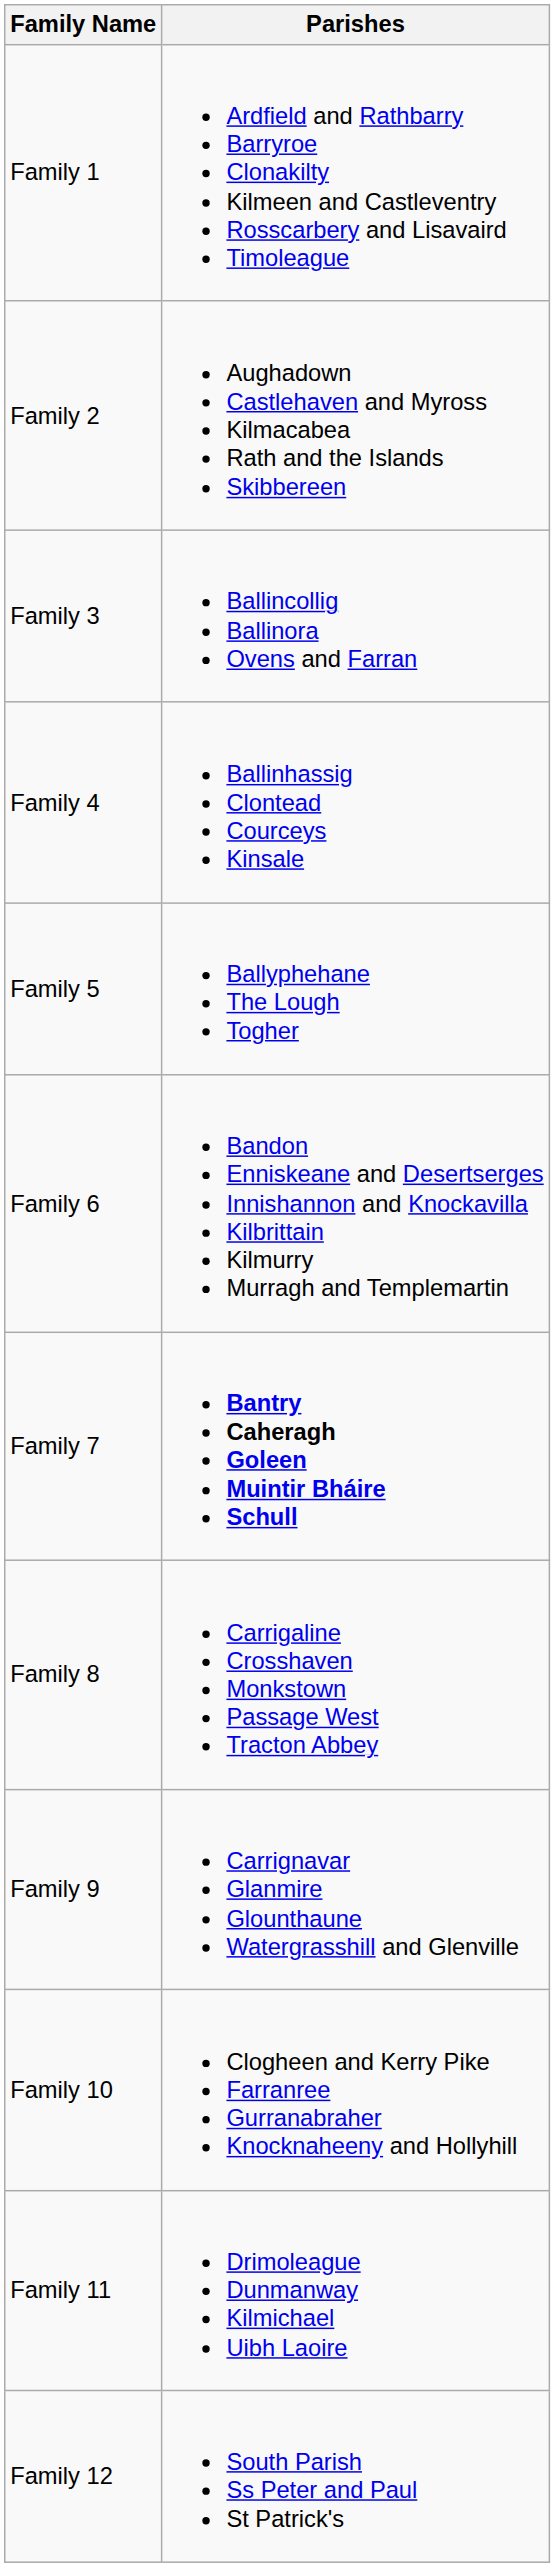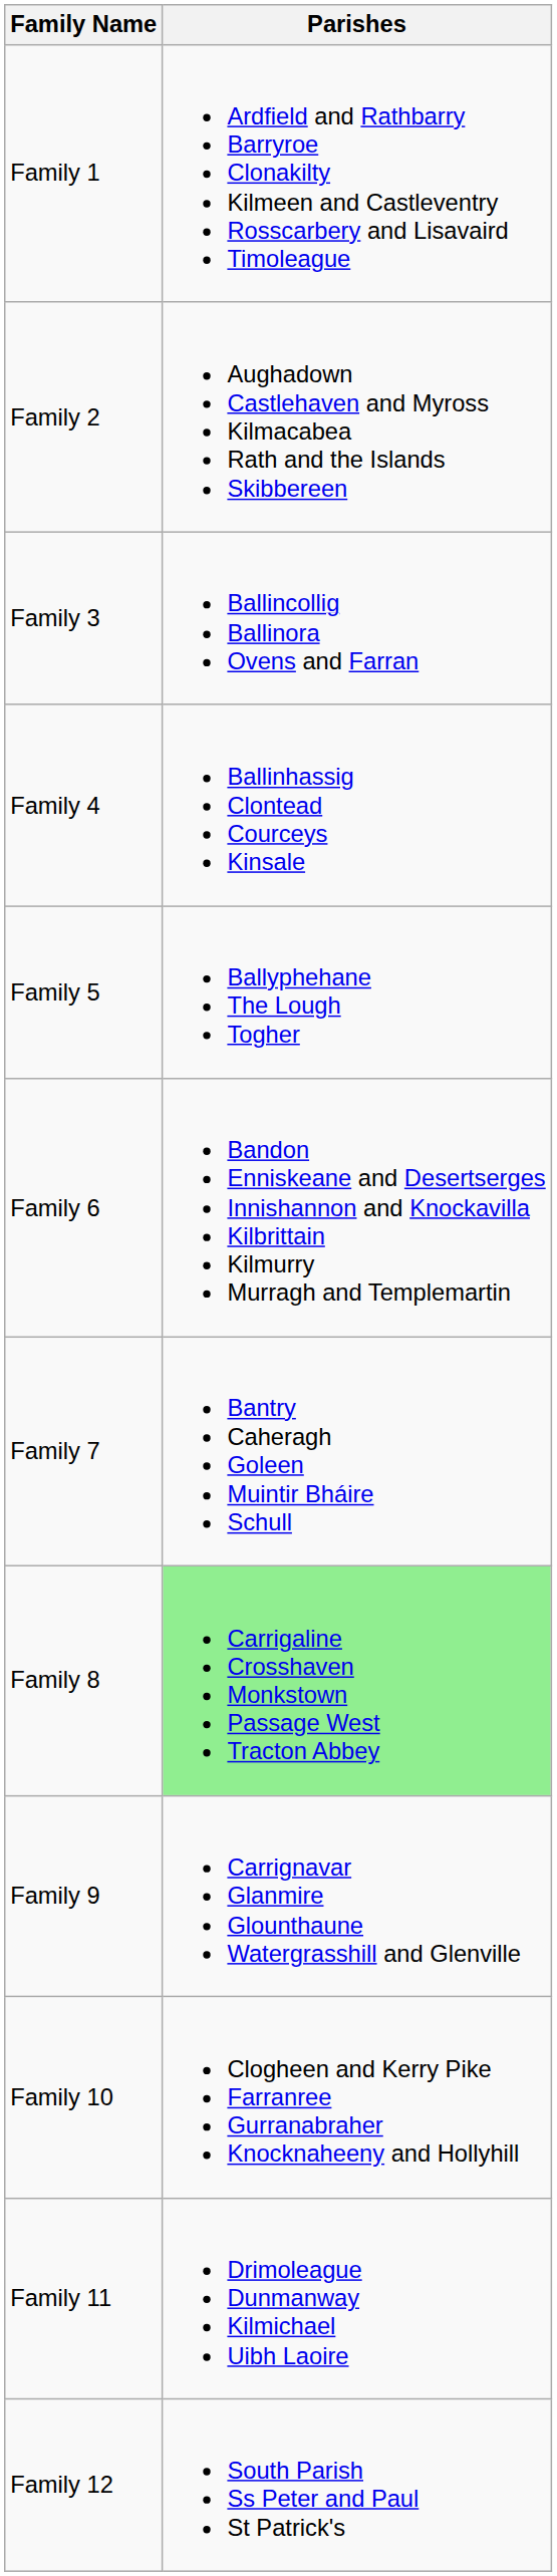 <table class="wikitable" style="line-height:120%;">
 <tr>
 <th>Family Name</th>
 <th>Parishes</th>
 </tr>
 <tr>
 <td>Family 1</td>
 <td><br><ul><li><a href='#'>Ardfield</a> and <a href='#'>Rathbarry</a></li><li><a href='#'>Barryroe</a></li><li><a href='#'>Clonakilty</a></li><li>Kilmeen and Castleventry</li><li><a href='#'>Rosscarbery</a> and Lisavaird</li><li><a href='#'>Timoleague</a></li></ul></td>
 </tr>
 <tr>
 <td>Family 2</td>
 <td><br><ul><li>Aughadown</li><li><a href='#'>Castlehaven</a> and Myross</li><li>Kilmacabea</li><li>Rath and the Islands</li><li><a href='#'>Skibbereen</a></li></ul></td>
 </tr>
 <tr>
 <td>Family 3</td>
 <td><br><ul><li><a href='#'>Ballincollig</a></li><li><a href='#'>Ballinora</a></li><li><a href='#'>Ovens</a> and <a href='#'>Farran</a></li></ul></td>
 </tr>
 <tr>
 <td>Family 4</td>
 <td><br><ul><li><a href='#'>Ballinhassig</a></li><li><a href='#'>Clontead</a></li><li><a href='#'>Courceys</a></li><li><a href='#'>Kinsale</a></li></ul></td>
 </tr>
 <tr>
 <td>Family 5</td>
 <td><br><ul><li><a href='#'>Ballyphehane</a></li><li><a href='#'>The Lough</a></li><li><a href='#'>Togher</a></li></ul></td>
 </tr>
 <tr>
 <td>Family 6</td>
 <td><br><ul><li><a href='#'>Bandon</a></li><li><a href='#'>Enniskeane</a> and <a href='#'>Desertserges</a></li><li><a href='#'>Innishannon</a> and <a href='#'>Knockavilla</a></li><li><a href='#'>Kilbrittain</a></li><li>Kilmurry</li><li>Murragh and Templemartin</li></ul></td>
 </tr>
 <tr>
 <td>Family 7</td>
-<td><strong><br><ul><li><a href='#'>Bantry</a></li><li>Caheragh</li><li><a href='#'>Goleen</a></li><li><a href='#'>Muintir Bháire</a></li><li><a href='#'>Schull</a></li></ul></strong></td>
+<td><br><ul><li><a href='#'>Bantry</a></li><li>Caheragh</li><li><a href='#'>Goleen</a></li><li><a href='#'>Muintir Bháire</a></li><li><a href='#'>Schull</a></li></ul></td>
 </tr>
 <tr>
 <td>Family 8</td>
-<td><br><ul><li><a href='#'>Carrigaline</a></li><li><a href='#'>Crosshaven</a></li><li><a href='#'>Monkstown</a></li><li><a href='#'>Passage West</a></li><li><a href='#'>Tracton Abbey</a></li></ul></td>
+<td style="background: lightgreen;"><br><ul><li><a href='#'>Carrigaline</a></li><li><a href='#'>Crosshaven</a></li><li><a href='#'>Monkstown</a></li><li><a href='#'>Passage West</a></li><li><a href='#'>Tracton Abbey</a></li></ul></td>
 </tr>
 <tr>
 <td>Family 9</td>
 <td><br><ul><li><a href='#'>Carrignavar</a></li><li><a href='#'>Glanmire</a></li><li><a href='#'>Glounthaune</a></li><li><a href='#'>Watergrasshill</a> and Glenville</li></ul></td>
 </tr>
 <tr>
 <td>Family 10</td>
 <td><br><ul><li>Clogheen and Kerry Pike</li><li><a href='#'>Farranree</a></li><li><a href='#'>Gurranabraher</a></li><li><a href='#'>Knocknaheeny</a> and Hollyhill</li></ul></td>
 </tr>
 <tr>
 <td>Family 11</td>
 <td><br><ul><li><a href='#'>Drimoleague</a></li><li><a href='#'>Dunmanway</a></li><li><a href='#'>Kilmichael</a></li><li><a href='#'>Uibh Laoire</a></li></ul></td>
 </tr>
 <tr>
 <td>Family 12</td>
 <td><br><ul><li><a href='#'>South Parish</a></li><li><a href='#'>Ss Peter and Paul</a></li><li>St Patrick's</li></ul></td>
 </tr>
 </table>
